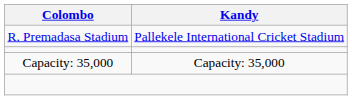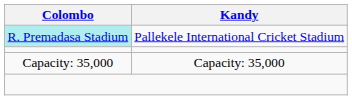 <table class="wikitable" style="text-align:center;margin:1em auto;">
 <tr>
 <th><a href='#'>Colombo</a></th>
 <th><a href='#'>Kandy</a></th>
 </tr>
 <tr>
-<td><a href='#'>R. Premadasa Stadium</a></td>
+<td style="background: paleturquoise;"><a href='#'>R. Premadasa Stadium</a></td>
 <td><a href='#'>Pallekele International Cricket Stadium</a></td>
 </tr>
 <tr>
 <td></td>
 <td></td>
 </tr>
 <tr>
 <td>Capacity: 35,000</td>
 <td>Capacity: 35,000</td>
 </tr>
 <tr>
 <td colspan="2"><br><div></div></td>
 </tr>
 </table>
